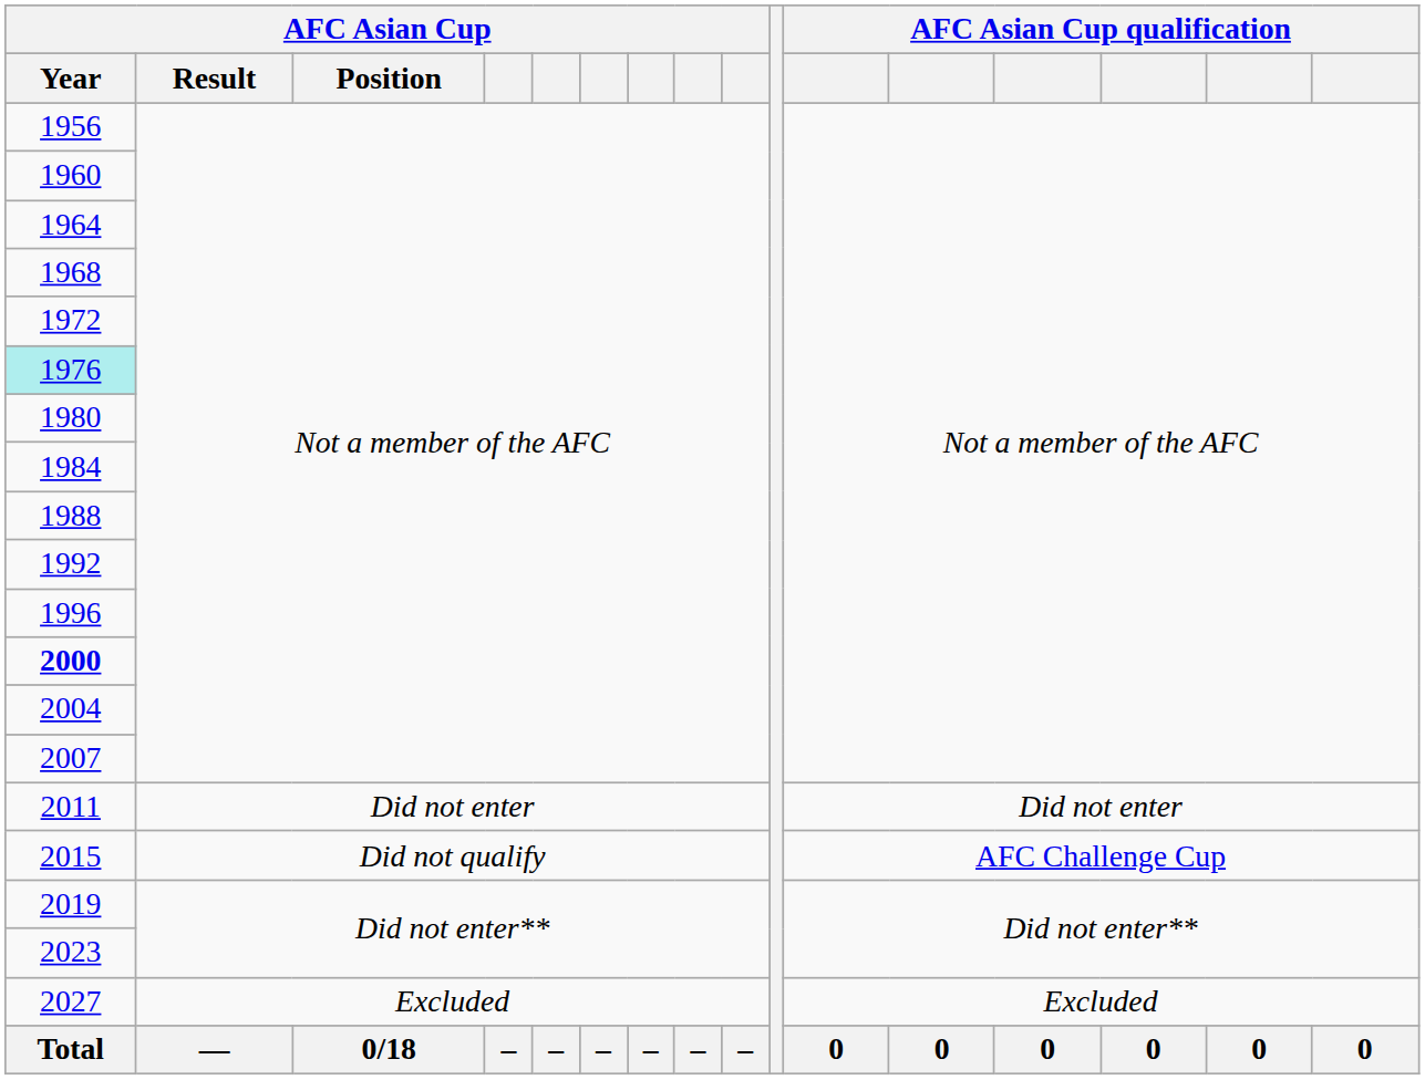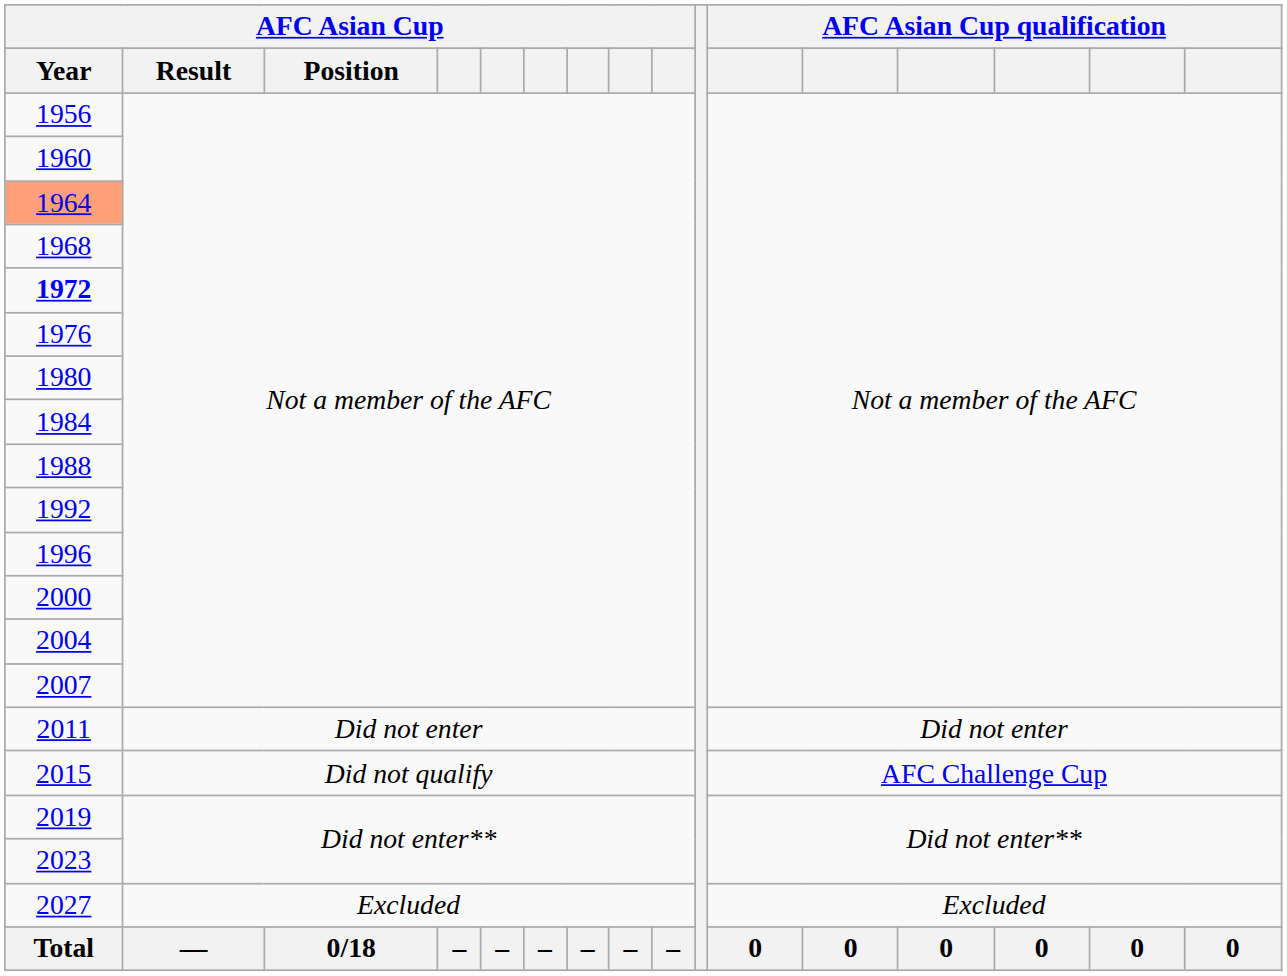 <table class="wikitable" style="text-align: center;">
 <tr>
 <th colspan=9><a href='#'>AFC Asian Cup</a></th>
 <th style="width:1%;" rowspan="22"></th>
 <th colspan=6><a href='#'>AFC Asian Cup qualification</a></th>
 </tr>
 <tr>
 <th>Year</th>
 <th>Result</th>
 <th>Position</th>
 <th></th>
 <th></th>
 <th></th>
 <th></th>
 <th></th>
 <th></th>
 <th></th>
 <th></th>
 <th></th>
 <th></th>
 <th></th>
 <th></th>
 </tr>
 <tr>
 <td> <a href='#'>1956</a></td>
 <td colspan="8" rowspan=14><em>Not a member of the AFC</em></td>
 <td colspan="6" rowspan=14><em>Not a member of the AFC</em></td>
 </tr>
 <tr>
 <td> <a href='#'>1960</a></td>
 </tr>
 <tr>
-<td> <a href='#'>1964</a></td>
+<td style="background: lightsalmon;"> <a href='#'>1964</a></td>
 </tr>
 <tr>
 <td> <a href='#'>1968</a></td>
 </tr>
 <tr>
-<td> <a href='#'>1972</a></td>
+<td><strong> <a href='#'>1972</a></strong></td>
 </tr>
 <tr>
-<td style="background: paleturquoise;"> <a href='#'>1976</a></td>
+<td> <a href='#'>1976</a></td>
 </tr>
 <tr>
 <td> <a href='#'>1980</a></td>
 </tr>
 <tr>
 <td> <a href='#'>1984</a></td>
 </tr>
 <tr>
 <td> <a href='#'>1988</a></td>
 </tr>
 <tr>
 <td> <a href='#'>1992</a></td>
 </tr>
 <tr>
 <td> <a href='#'>1996</a></td>
 </tr>
 <tr>
-<td><strong> <a href='#'>2000</a></strong></td>
+<td> <a href='#'>2000</a></td>
 </tr>
 <tr>
 <td> <a href='#'>2004</a></td>
 </tr>
 <tr>
 <td>    <a href='#'>2007</a></td>
 </tr>
 <tr>
 <td> <a href='#'>2011</a></td>
 <td textalign="center"; colspan="8"><em>Did not enter</em></td>
 <td textalign="center"; colspan="6"><em>Did not enter</em></td>
 </tr>
 <tr>
 <td> <a href='#'>2015</a></td>
 <td textalign="center"; colspan="8"><em>Did not qualify</em></td>
 <td textalign="center"; colspan="6"><a href='#'>AFC Challenge Cup</a></td>
 </tr>
 <tr>
 <td> <a href='#'>2019</a></td>
 <td textalign="center"; colspan="8"; rowspan="2"><em>Did not enter**</em></td>
 <td textalign="center"; colspan="6"; rowspan="2"><em>Did not enter**</em></td>
 </tr>
 <tr>
 <td> <a href='#'>2023</a></td>
 </tr>
 <tr>
 <td> <a href='#'>2027</a></td>
 <td textalign="center"; colspan="8"><em>Excluded</em></td>
 <td textalign="center"; colspan="6"><em>Excluded</em></td>
 </tr>
 <tr>
 <th><strong>Total</strong></th>
 <th>—</th>
 <th>0/18</th>
 <th><strong>–</strong></th>
 <th><strong>–</strong></th>
 <th><strong>–</strong></th>
 <th><strong>–</strong></th>
 <th><strong>–</strong></th>
 <th><strong>–</strong></th>
 <th><strong>0</strong></th>
 <th><strong>0</strong></th>
 <th><strong>0</strong></th>
 <th><strong>0</strong></th>
 <th><strong>0</strong></th>
 <th><strong>0</strong></th>
 </tr>
 </table>
